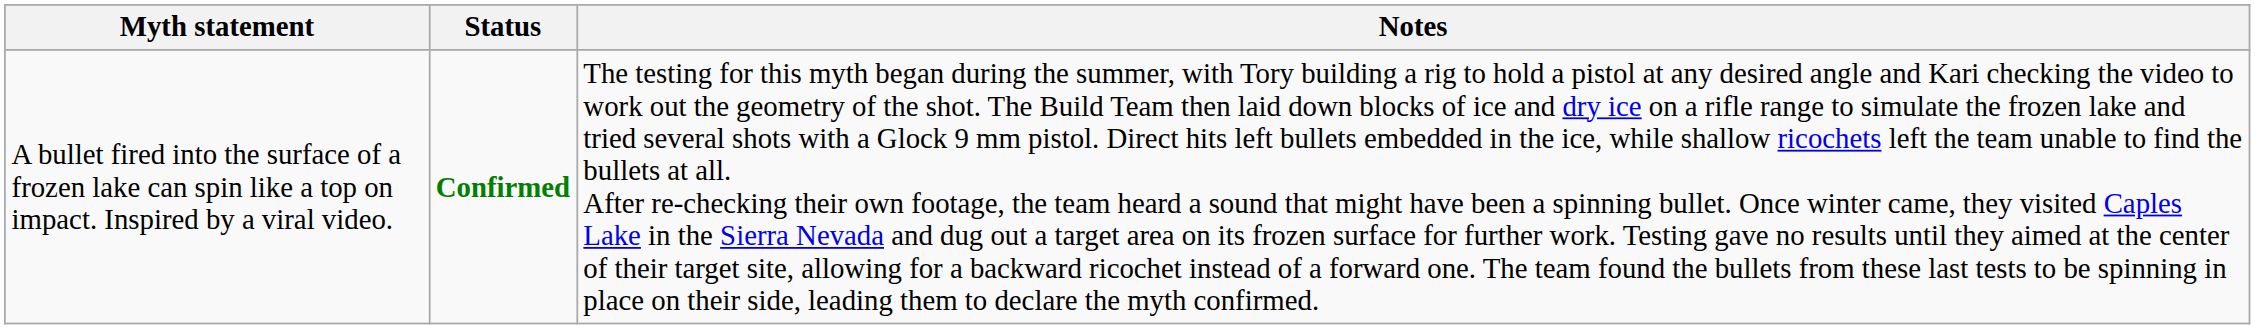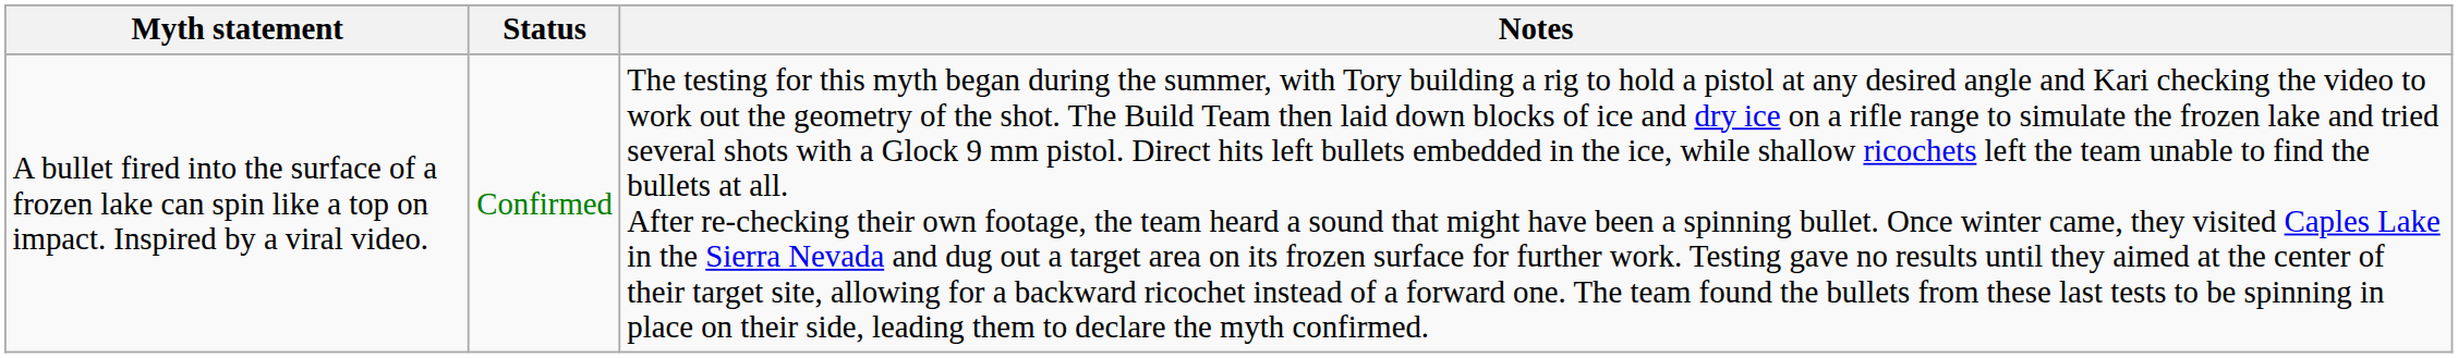 <table class="wikitable plainrowheaders">
 <tr>
 <th>Myth statement</th>
 <th>Status</th>
 <th>Notes</th>
 </tr>
 <tr>
 <td>A bullet fired into the surface of a frozen lake can spin like a top on impact. Inspired by a viral video.</td>
-<td style="color:green"><strong>Confirmed</strong></td>
+<td style="color:green">Confirmed</td>
 <td>The testing for this myth began during the summer, with Tory building a rig to hold a pistol at any desired angle and Kari checking the video to work out the geometry of the shot. The Build Team then laid down blocks of ice and <a href='#'>dry ice</a> on a rifle range to simulate the frozen lake and tried several shots with a Glock 9 mm pistol. Direct hits left bullets embedded in the ice, while shallow <a href='#'>ricochets</a> left the team unable to find the bullets at all.<br>After re-checking their own footage, the team heard a sound that might have been a spinning bullet. Once winter came, they visited <a href='#'>Caples Lake</a> in the <a href='#'>Sierra Nevada</a> and dug out a target area on its frozen surface for further work. Testing gave no results until they aimed at the center of their target site, allowing for a backward ricochet instead of a forward one. The team found the bullets from these last tests to be spinning in place on their side, leading them to declare the myth confirmed.</td>
 </tr>
 </table>
